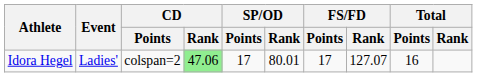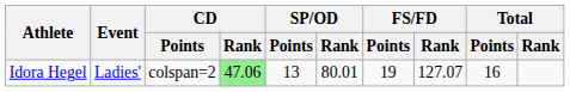 <table class="wikitable" style="font-size:90%">
 <tr>
 <th rowspan="2">Athlete</th>
 <th rowspan="2">Event</th>
 <th colspan="2">CD</th>
 <th colspan="2">SP/OD</th>
 <th colspan="2">FS/FD</th>
 <th colspan="2">Total</th>
 </tr>
 <tr>
 <th>Points</th>
 <th>Rank</th>
 <th>Points</th>
 <th>Rank</th>
 <th>Points</th>
 <th>Rank</th>
 <th>Points</th>
 <th>Rank</th>
 </tr>
 <tr>
 <td><a href='#'>Idora Hegel</a></td>
 <td><a href='#'>Ladies'</a></td>
 <td>colspan=2 </td>
 <td align="center" style="background: lightgreen;">47.06</td>
-<td align="center">17</td>
+<td align="center">13</td>
 <td align="center">80.01</td>
-<td align="center">17</td>
+<td align="center">19</td>
 <td align="center">127.07</td>
 <td align="center">16</td>
 </tr>
 </table>
